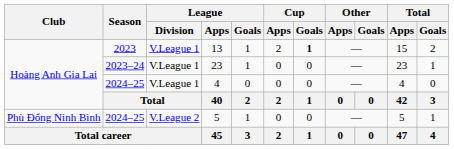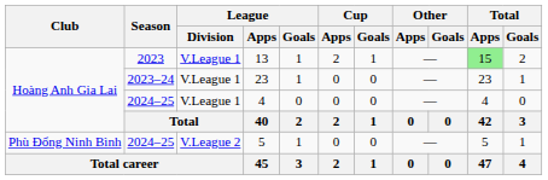 <table class="wikitable" style="text-align: center; margin-bottom: 10px;">
 <tr>
 <th rowspan=2>Club</th>
 <th rowspan=2>Season</th>
 <th colspan=3>League</th>
 <th colspan=2>Cup</th>
 <th colspan=2>Other</th>
 <th colspan=2>Total</th>
 </tr>
 <tr>
 <th>Division</th>
 <th>Apps</th>
 <th>Goals</th>
 <th>Apps</th>
 <th>Goals</th>
 <th>Apps</th>
 <th>Goals</th>
 <th>Apps</th>
 <th>Goals</th>
 </tr>
 <tr>
 <td rowspan=4><a href='#'>Hoàng Anh Gia Lai</a></td>
 <td><a href='#'>2023</a></td>
 <td><a href='#'>V.League 1</a></td>
 <td>13</td>
 <td>1</td>
 <td>2</td>
-<td><strong>1</strong></td>
+<td>1</td>
 <td colspan=2>—</td>
-<td>15</td>
+<td style="background: lightgreen;">15</td>
 <td>2</td>
 </tr>
 <tr>
 <td><a href='#'>2023–24</a></td>
 <td>V.League 1</td>
 <td>23</td>
 <td>1</td>
 <td>0</td>
 <td>0</td>
 <td colspan=2>—</td>
 <td>23</td>
 <td>1</td>
 </tr>
 <tr>
 <td><a href='#'>2024–25</a></td>
 <td>V.League 1</td>
 <td>4</td>
 <td>0</td>
 <td>0</td>
 <td>0</td>
 <td colspan=2>—</td>
 <td>4</td>
 <td>0</td>
 </tr>
 <tr>
 <th colspan=2>Total</th>
 <th>40</th>
 <th>2</th>
 <th>2</th>
 <th>1</th>
 <th>0</th>
 <th>0</th>
 <th>42</th>
 <th>3</th>
 </tr>
 <tr>
 <td><a href='#'>Phù Đổng Ninh Bình</a></td>
 <td><a href='#'>2024–25</a></td>
 <td><a href='#'>V.League 2</a></td>
 <td>5</td>
 <td>1</td>
 <td>0</td>
 <td>0</td>
 <td colspan=2>—</td>
 <td>5</td>
 <td>1</td>
 </tr>
 <tr>
 <th colspan=3>Total career</th>
 <th>45</th>
 <th>3</th>
 <th>2</th>
 <th>1</th>
 <th>0</th>
 <th>0</th>
 <th>47</th>
 <th>4</th>
 </tr>
 </table>
